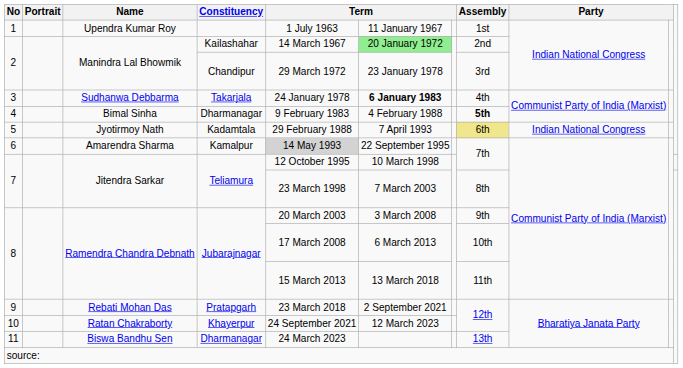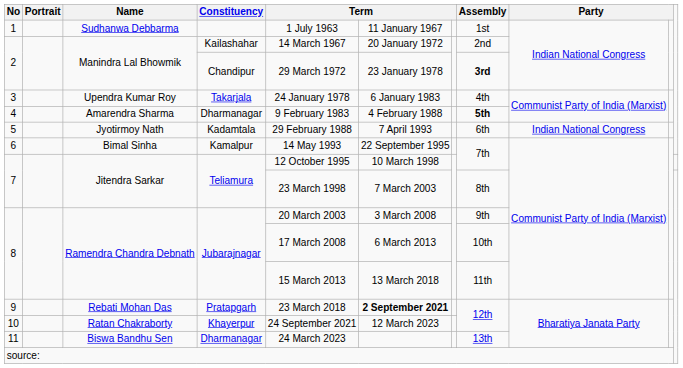 <table class="wikitable" style="text-align:center">
 <tr>
 <th>No</th>
 <th>Portrait</th>
 <th>Name</th>
 <th><a href='#'>Constituency</a></th>
 <th colspan="3">Term</th>
 <th>Assembly</th>
 <th colspan="2">Party</th>
 </tr>
 <tr>
 <td>1</td>
 <td></td>
-<td>Upendra Kumar Roy</td>
+<td><a href='#'>Sudhanwa Debbarma</a></td>
 <td></td>
 <td>1 July 1963</td>
 <td>11 January 1967</td>
 <td></td>
 <td>1st</td>
 <td rowspan=3><a href='#'>Indian National Congress</a></td>
 <td rowspan=3 style="background-color: "></td>
 </tr>
 <tr>
 <td rowspan=2>2</td>
 <td rowspan=2></td>
 <td rowspan="2">Manindra Lal Bhowmik</td>
 <td rowspan="1">Kailashahar</td>
 <td>14 March 1967</td>
-<td style="background: lightgreen;">20 January 1972</td>
+<td>20 January 1972</td>
 <td rowspan="2"></td>
 <td>2nd</td>
 </tr>
 <tr style="text-align:center; height:60px;">
 <td>Chandipur</td>
 <td>29 March 1972</td>
 <td>23 January 1978</td>
-<td>3rd</td>
+<td><strong>3rd</strong></td>
 </tr>
 <tr>
 <td>3</td>
 <td></td>
-<td><a href='#'>Sudhanwa Debbarma</a></td>
+<td>Upendra Kumar Roy</td>
 <td><a href='#'>Takarjala</a></td>
 <td>24 January 1978</td>
-<td><strong>6 January 1983</strong></td>
+<td>6 January 1983</td>
 <td></td>
 <td>4th</td>
 <td rowspan=2><a href='#'>Communist Party of India (Marxist)</a></td>
 <td rowspan=2 style="background-color: "></td>
 </tr>
 <tr>
 <td>4</td>
 <td></td>
-<td>Bimal Sinha</td>
+<td>Amarendra Sharma</td>
 <td>Dharmanagar</td>
 <td>9 February 1983</td>
 <td>4 February 1988</td>
 <td></td>
 <td><strong>5th</strong></td>
 </tr>
 <tr>
 <td>5</td>
 <td></td>
 <td>Jyotirmoy Nath</td>
 <td>Kadamtala</td>
 <td>29 February 1988</td>
 <td>7 April 1993</td>
 <td></td>
-<td style="background: khaki;">6th</td>
+<td>6th</td>
 <td rowspan=1><a href='#'>Indian National Congress</a></td>
 <td rowspan=1 style="background-color: "></td>
 </tr>
 <tr>
 <td>6</td>
 <td></td>
-<td>Amarendra Sharma</td>
+<td>Bimal Sinha</td>
 <td>Kamalpur</td>
-<td style="background: lightgrey;">14 May 1993</td>
+<td>14 May 1993</td>
 <td>22 September 1995</td>
 <td></td>
 <td rowspan=2>7th</td>
 <td rowspan=6><a href='#'>Communist Party of India (Marxist)</a></td>
 <td rowspan=6 style="background-color: "></td>
 </tr>
 <tr>
 <td rowspan=2>7</td>
 <td rowspan=2></td>
 <td rowspan=2>Jitendra Sarkar</td>
 <td rowspan=2><a href='#'>Teliamura</a></td>
 <td>12 October 1995</td>
 <td>10 March 1998</td>
 <td rowspan="2"></td>
 <td></td>
 </tr>
 <tr style="text-align:center; height:60px;">
 <td>23 March 1998</td>
 <td>7 March 2003</td>
 <td>8th</td>
 </tr>
 <tr>
 <td rowspan=3>8</td>
 <td rowspan=3></td>
 <td rowspan=3><a href='#'>Ramendra Chandra Debnath</a></td>
 <td rowspan=3><a href='#'>Jubarajnagar</a></td>
 <td>20 March 2003</td>
 <td>3 March 2008</td>
 <td rowspan=3></td>
 <td>9th</td>
 </tr>
 <tr style="text-align:center; height:60px;">
 <td>17 March 2008</td>
 <td>6 March 2013</td>
 <td>10th</td>
 </tr>
 <tr style="text-align:center; height:60px;">
 <td>15 March 2013</td>
 <td>13 March 2018</td>
 <td>11th</td>
 </tr>
 <tr>
 <td>9</td>
 <td></td>
 <td><a href='#'>Rebati Mohan Das</a></td>
 <td><a href='#'>Pratapgarh</a></td>
 <td>23 March 2018</td>
-<td>2 September 2021</td>
+<td><strong>2 September 2021</strong></td>
 <td></td>
 <td rowspan="2"><a href='#'>12th</a></td>
 <td rowspan="3"><a href='#'>Bharatiya Janata Party</a></td>
 <td rowspan="3" style="background-color: "></td>
 </tr>
 <tr>
 <td>10</td>
 <td></td>
 <td><a href='#'>Ratan Chakraborty</a></td>
 <td><a href='#'>Khayerpur</a></td>
 <td>24 September 2021</td>
 <td>12 March 2023</td>
 <td></td>
 </tr>
 <tr>
 <td>11</td>
 <td></td>
 <td><a href='#'>Biswa Bandhu Sen</a></td>
 <td><a href='#'>Dharmanagar</a></td>
 <td>24 March 2023</td>
 <td></td>
 <td></td>
 <td><a href='#'>13th</a></td>
 </tr>
 <tr>
 <td colspan=10 style=text-align:left>source:</td>
 </tr>
 </table>
